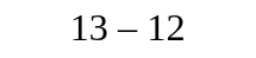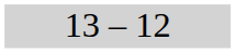 <table style="text-align:center">
 <tr>
 <th width=200></th>
 <th width=100></th>
 <th width=200></th>
 </tr>
 <tr>
 <td align=right><strong></strong></td>
-<td>13 – 12</td>
+<td style="background: lightgrey;">13 – 12</td>
 <td align=left></td>
 </tr>
 </table>
